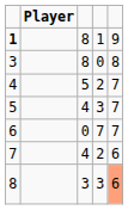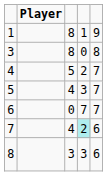 <table class="wikitable" style="text-align: center">
 <tr>
 <td> </td>
 <td><strong>Player</strong></td>
 <td></td>
 <td></td>
 <td></td>
 </tr>
 <tr>
-<td><strong>1</strong></td>
+<td>1</td>
 <td align=left><br></td>
 <td>8</td>
 <td>1</td>
 <td>9</td>
 </tr>
 <tr>
 <td>3</td>
 <td align=left></td>
 <td>8</td>
 <td>0</td>
 <td>8</td>
 </tr>
 <tr>
 <td>4</td>
 <td align=left></td>
 <td>5</td>
 <td>2</td>
 <td>7</td>
 </tr>
 <tr>
 <td>5</td>
 <td align=left></td>
 <td>4</td>
 <td>3</td>
 <td>7</td>
 </tr>
 <tr>
 <td>6</td>
 <td align=left></td>
 <td>0</td>
 <td>7</td>
 <td>7</td>
 </tr>
 <tr>
 <td>7</td>
 <td align=left></td>
 <td>4</td>
-<td>2</td>
+<td style="background: paleturquoise;">2</td>
 <td>6</td>
 </tr>
 <tr>
 <td>8</td>
 <td align=left><br><br></td>
 <td>3</td>
 <td>3</td>
-<td style="background: lightsalmon;">6</td>
+<td>6</td>
 </tr>
 </table>
